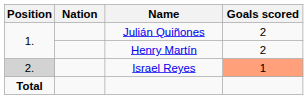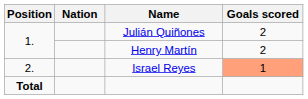 <table class="wikitable" style="font-size: 95%; text-align: center;">
 <tr>
 <th width="60">Position</th>
 <th width="60">Nation</th>
 <th width="150">Name</th>
 <th width="100">Goals scored</th>
 </tr>
 <tr>
 <td rowspan="2">1.</td>
 <td></td>
 <td><a href='#'>Julián Quiñones</a></td>
 <td>2</td>
 </tr>
 <tr>
 <td></td>
 <td><a href='#'>Henry Martín</a></td>
 <td>2</td>
 </tr>
 <tr>
-<td style="background: lightgrey;">2.</td>
+<td>2.</td>
 <td></td>
 <td><a href='#'>Israel Reyes</a></td>
 <td style="background: lightsalmon;">1</td>
 </tr>
 <tr>
 <td><strong>Total</strong></td>
 <td></td>
 <td></td>
 <td></td>
 </tr>
 </table>
